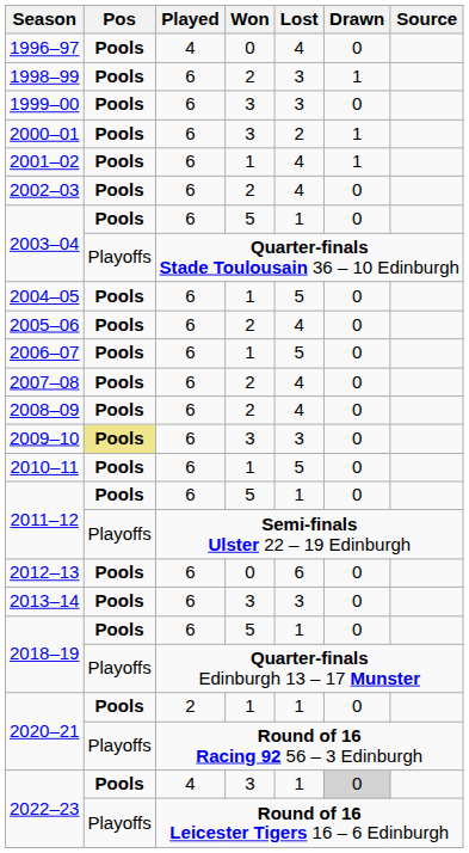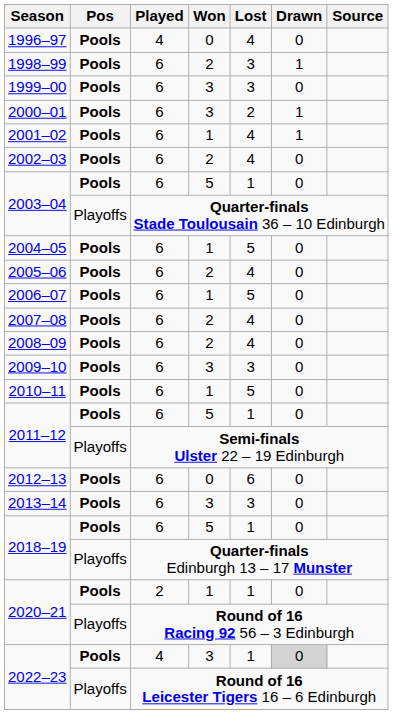 <table class="wikitable" style="text-align:center">
 <tr>
 <th>Season</th>
 <th>Pos</th>
 <th>Played</th>
 <th>Won</th>
 <th>Lost</th>
 <th>Drawn</th>
 <th>Source</th>
 </tr>
 <tr>
 <td><a href='#'>1996–97</a></td>
 <td><strong>Pools</strong></td>
 <td>4</td>
 <td>0</td>
 <td>4</td>
 <td>0</td>
 <td></td>
 </tr>
 <tr>
 <td><a href='#'>1998–99</a></td>
 <td><strong>Pools</strong></td>
 <td>6</td>
 <td>2</td>
 <td>3</td>
 <td>1</td>
 <td></td>
 </tr>
 <tr>
 <td><a href='#'>1999–00</a></td>
 <td><strong>Pools</strong></td>
 <td>6</td>
 <td>3</td>
 <td>3</td>
 <td>0</td>
 <td></td>
 </tr>
 <tr>
 <td><a href='#'>2000–01</a></td>
 <td><strong>Pools</strong></td>
 <td>6</td>
 <td>3</td>
 <td>2</td>
 <td>1</td>
 <td></td>
 </tr>
 <tr>
 <td><a href='#'>2001–02</a></td>
 <td><strong>Pools</strong></td>
 <td>6</td>
 <td>1</td>
 <td>4</td>
 <td>1</td>
 <td></td>
 </tr>
 <tr>
 <td><a href='#'>2002–03</a></td>
 <td><strong>Pools</strong></td>
 <td>6</td>
 <td>2</td>
 <td>4</td>
 <td>0</td>
 <td></td>
 </tr>
 <tr>
 <td rowspan="2"><a href='#'>2003–04</a></td>
 <td><strong>Pools</strong></td>
 <td>6</td>
 <td>5</td>
 <td>1</td>
 <td>0</td>
 </tr>
 <tr>
 <td>Playoffs</td>
 <td colspan=7><strong>Quarter-finals</strong><br> <strong><a href='#'>Stade Toulousain</a></strong> 36 – 10 Edinburgh</td>
 </tr>
 <tr>
 <td><a href='#'>2004–05</a></td>
 <td><strong>Pools</strong></td>
 <td>6</td>
 <td>1</td>
 <td>5</td>
 <td>0</td>
 <td></td>
 </tr>
 <tr>
 <td><a href='#'>2005–06</a></td>
 <td><strong>Pools</strong></td>
 <td>6</td>
 <td>2</td>
 <td>4</td>
 <td>0</td>
 <td></td>
 </tr>
 <tr>
 <td><a href='#'>2006–07</a></td>
 <td><strong>Pools</strong></td>
 <td>6</td>
 <td>1</td>
 <td>5</td>
 <td>0</td>
 <td></td>
 </tr>
 <tr>
 <td><a href='#'>2007–08</a></td>
 <td><strong>Pools</strong></td>
 <td>6</td>
 <td>2</td>
 <td>4</td>
 <td>0</td>
 <td></td>
 </tr>
 <tr>
 <td><a href='#'>2008–09</a></td>
 <td><strong>Pools</strong></td>
 <td>6</td>
 <td>2</td>
 <td>4</td>
 <td>0</td>
 <td></td>
 </tr>
 <tr>
 <td><a href='#'>2009–10</a></td>
-<td style="background: khaki;"><strong>Pools</strong></td>
+<td><strong>Pools</strong></td>
 <td>6</td>
 <td>3</td>
 <td>3</td>
 <td>0</td>
 <td></td>
 </tr>
 <tr>
 <td><a href='#'>2010–11</a></td>
 <td><strong>Pools</strong></td>
 <td>6</td>
 <td>1</td>
 <td>5</td>
 <td>0</td>
 <td></td>
 </tr>
 <tr>
 <td rowspan="2"><a href='#'>2011–12</a></td>
 <td><strong>Pools</strong></td>
 <td>6</td>
 <td>5</td>
 <td>1</td>
 <td>0</td>
 </tr>
 <tr>
 <td>Playoffs</td>
 <td colspan=7><strong>Semi-finals</strong><br> <strong><a href='#'>Ulster</a></strong> 22 – 19 Edinburgh</td>
 </tr>
 <tr>
 <td><a href='#'>2012–13</a></td>
 <td><strong>Pools</strong></td>
 <td>6</td>
 <td>0</td>
 <td>6</td>
 <td>0</td>
 <td></td>
 </tr>
 <tr>
 <td><a href='#'>2013–14</a></td>
 <td><strong>Pools</strong></td>
 <td>6</td>
 <td>3</td>
 <td>3</td>
 <td>0</td>
 <td></td>
 </tr>
 <tr>
 <td rowspan="2"><a href='#'>2018–19</a></td>
 <td><strong>Pools</strong></td>
 <td>6</td>
 <td>5</td>
 <td>1</td>
 <td>0</td>
 </tr>
 <tr>
 <td>Playoffs</td>
 <td colspan=7><strong>Quarter-finals</strong><br> Edinburgh 13 – 17 <strong><a href='#'>Munster</a></strong></td>
 </tr>
 <tr>
 <td rowspan="2"><a href='#'>2020–21</a></td>
 <td><strong>Pools</strong></td>
 <td>2</td>
 <td>1</td>
 <td>1</td>
 <td>0</td>
 </tr>
 <tr>
 <td>Playoffs</td>
 <td colspan=7><strong>Round of 16</strong><br> <strong><a href='#'>Racing 92</a></strong> 56 – 3 Edinburgh</td>
 </tr>
 <tr>
 <td rowspan="2"><a href='#'>2022–23</a></td>
 <td><strong>Pools</strong></td>
 <td>4</td>
 <td>3</td>
 <td>1</td>
 <td style="background: lightgrey;">0</td>
 </tr>
 <tr>
 <td>Playoffs</td>
 <td colspan=7><strong>Round of 16</strong><br> <strong><a href='#'>Leicester Tigers</a></strong> 16 – 6 Edinburgh</td>
 </tr>
 </table>
